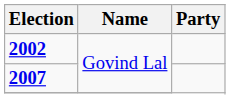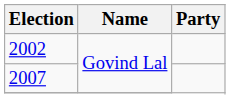 <table class="wikitable sortable">
 <tr>
 <th>Election</th>
 <th>Name</th>
 <th colspan=2>Party</th>
 </tr>
 <tr>
-<td><strong><a href='#'>2002</a></strong></td>
+<td><a href='#'>2002</a></td>
 <td rowspan=2><a href='#'>Govind Lal</a></td>
 <td></td>
 </tr>
 <tr>
-<td><strong><a href='#'>2007</a></strong></td>
+<td><a href='#'>2007</a></td>
 </tr>
 <tr>
 </tr>
 </table>
